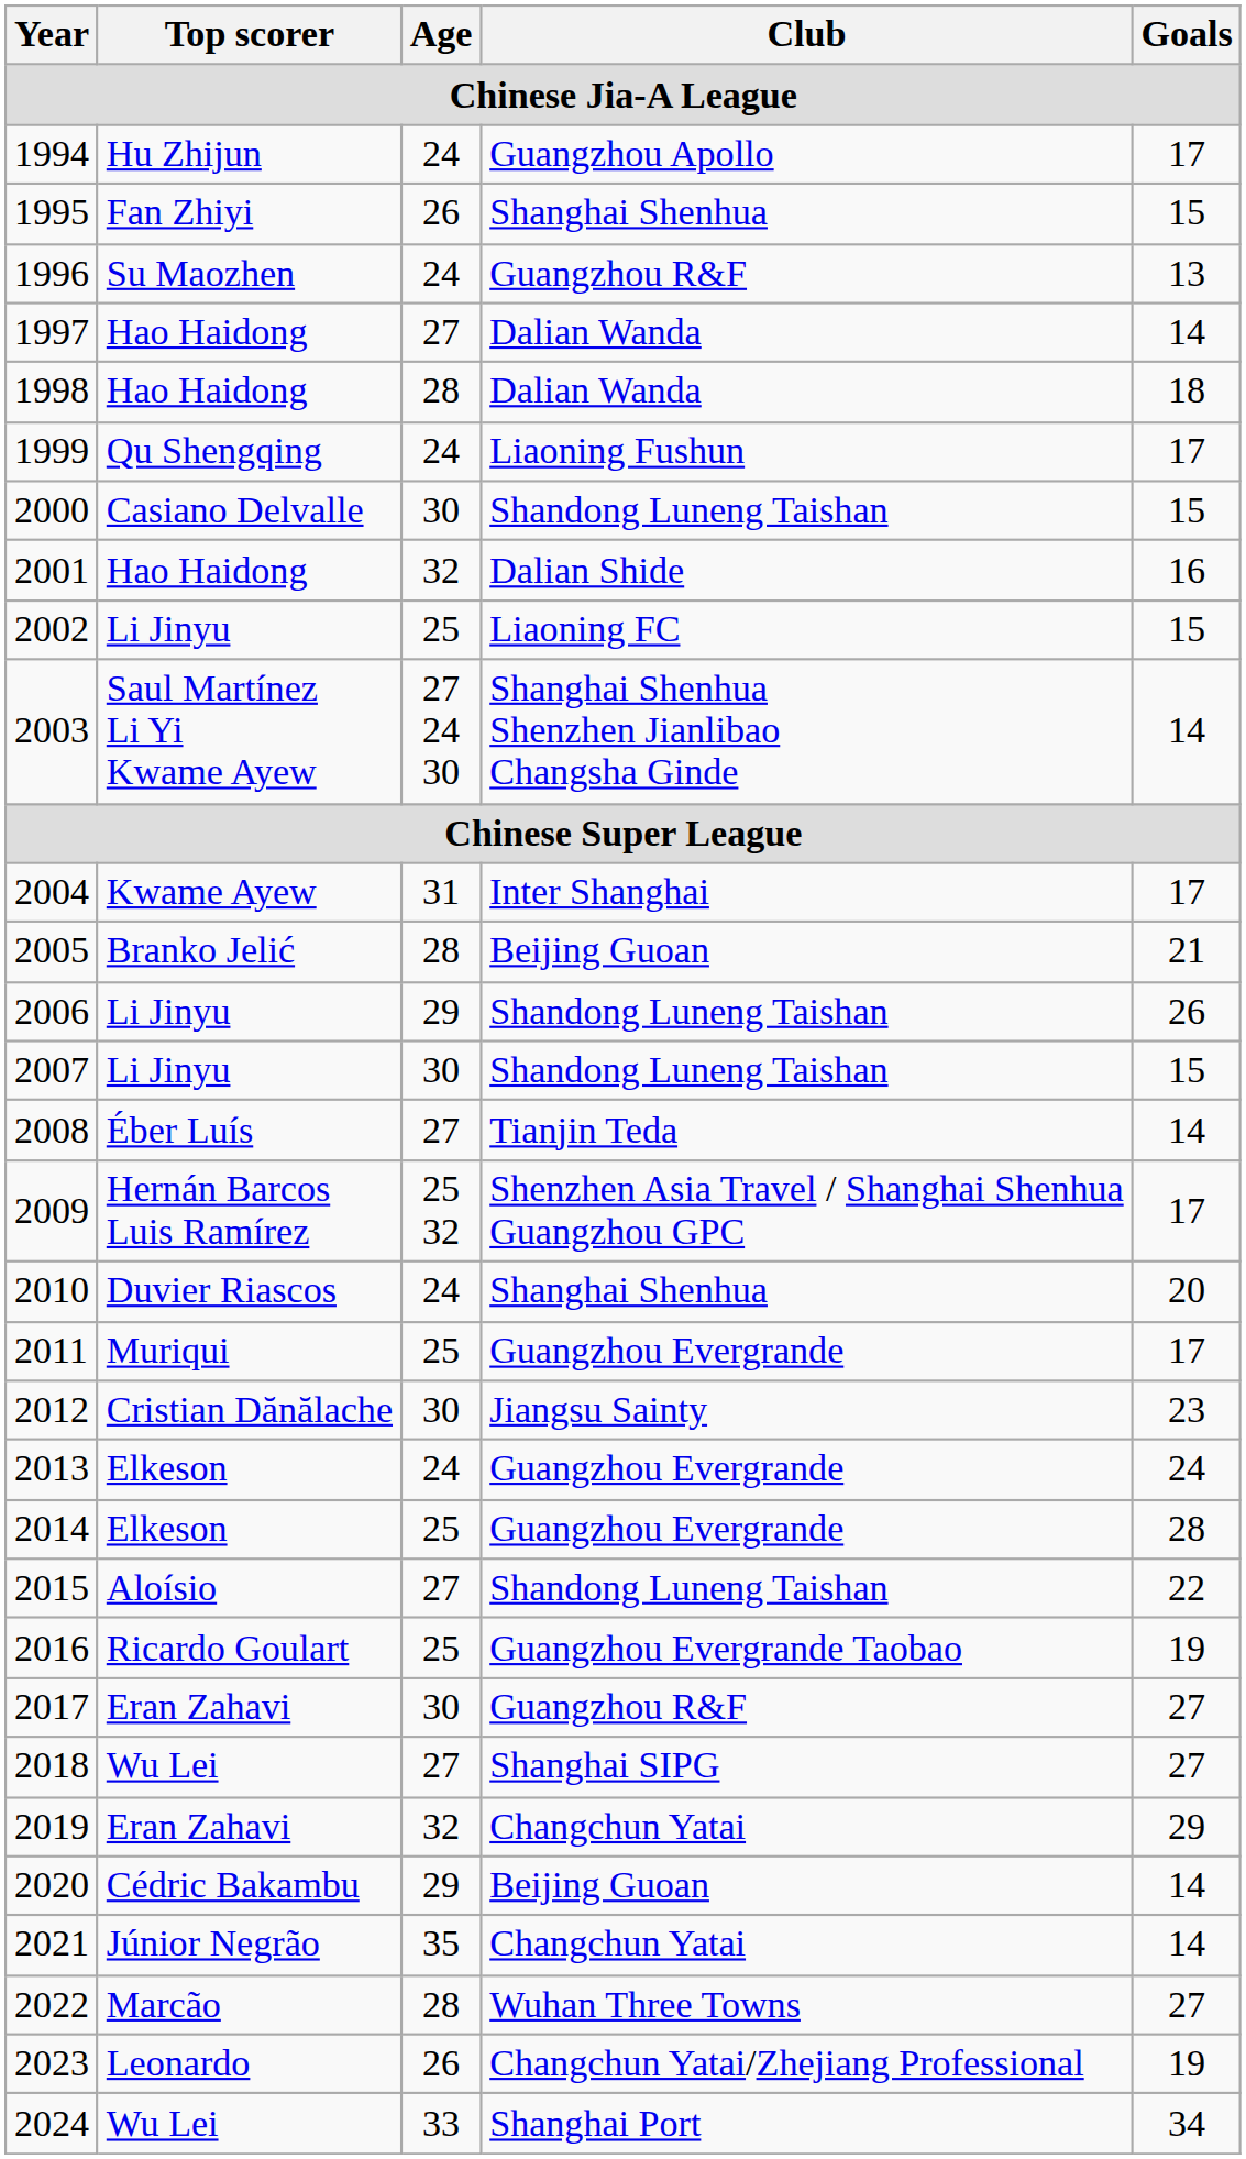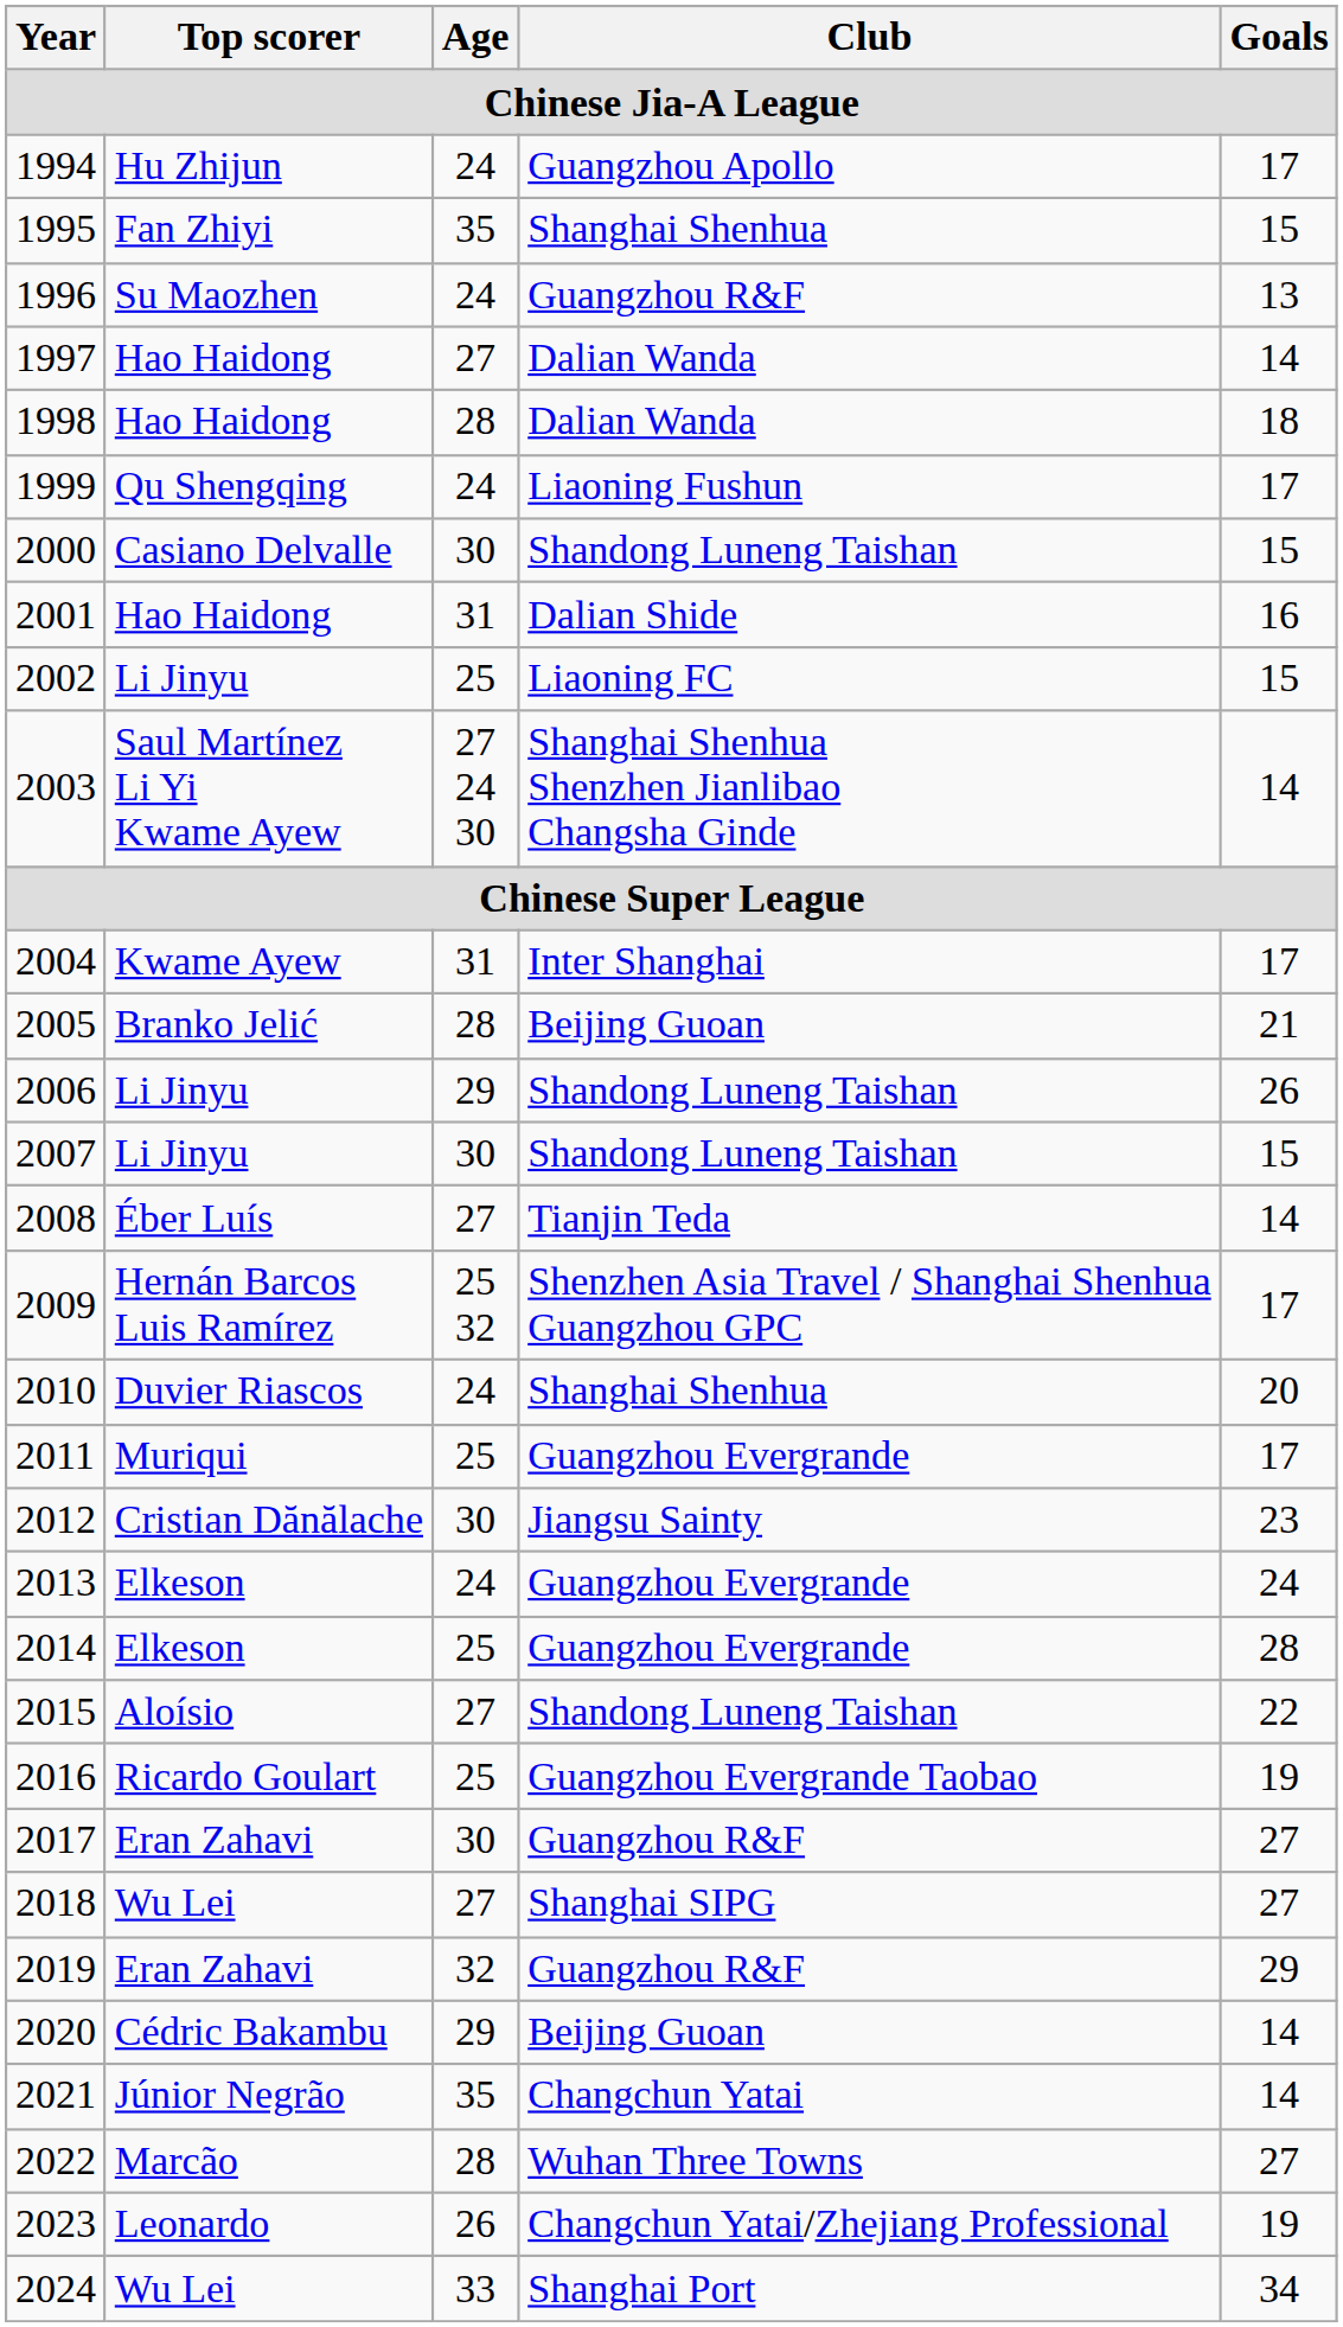 <table class="wikitable" style="text-align:left;">
 <tr>
 <th>Year</th>
 <th>Top scorer</th>
 <th>Age</th>
 <th>Club</th>
 <th>Goals</th>
 </tr>
 <tr style="background:#ddd;">
 <td colspan="5" style="text-align:center"><strong>Chinese Jia-A League</strong></td>
 </tr>
 <tr>
 <td>1994</td>
 <td> <a href='#'>Hu Zhijun</a></td>
 <td align=center>24</td>
 <td><a href='#'>Guangzhou Apollo</a></td>
 <td align=center>17</td>
 </tr>
 <tr>
 <td>1995</td>
 <td> <a href='#'>Fan Zhiyi</a></td>
-<td align=center>26</td>
+<td align=center>35</td>
 <td><a href='#'>Shanghai Shenhua</a></td>
 <td align=center>15</td>
 </tr>
 <tr>
 <td>1996</td>
 <td> <a href='#'>Su Maozhen</a></td>
 <td align=center>24</td>
 <td><a href='#'>Guangzhou R&F</a></td>
 <td align=center>13</td>
 </tr>
 <tr>
 <td>1997</td>
 <td> <a href='#'>Hao Haidong</a></td>
 <td align=center>27</td>
 <td><a href='#'>Dalian Wanda</a></td>
 <td align=center>14</td>
 </tr>
 <tr>
 <td>1998</td>
 <td> <a href='#'>Hao Haidong</a></td>
 <td align=center>28</td>
 <td><a href='#'>Dalian Wanda</a></td>
 <td align=center>18</td>
 </tr>
 <tr>
 <td>1999</td>
 <td> <a href='#'>Qu Shengqing</a></td>
 <td align=center>24</td>
 <td><a href='#'>Liaoning Fushun</a></td>
 <td align=center>17</td>
 </tr>
 <tr>
 <td>2000</td>
 <td> <a href='#'>Casiano Delvalle</a></td>
 <td align=center>30</td>
 <td><a href='#'>Shandong Luneng Taishan</a></td>
 <td align=center>15</td>
 </tr>
 <tr>
 <td>2001</td>
 <td> <a href='#'>Hao Haidong</a></td>
-<td align=center>32</td>
+<td align=center>31</td>
 <td><a href='#'>Dalian Shide</a></td>
 <td align=center>16</td>
 </tr>
 <tr>
 <td>2002</td>
 <td> <a href='#'>Li Jinyu</a></td>
 <td align=center>25</td>
 <td><a href='#'>Liaoning FC</a></td>
 <td align=center>15</td>
 </tr>
 <tr>
 <td>2003</td>
 <td> <a href='#'>Saul Martínez</a> <br>  <a href='#'>Li Yi</a> <br>  <a href='#'>Kwame Ayew</a></td>
 <td align=center>27<br>24<br>30</td>
 <td><a href='#'>Shanghai Shenhua</a> <br> <a href='#'>Shenzhen Jianlibao</a> <br> <a href='#'>Changsha Ginde</a></td>
 <td align=center>14</td>
 </tr>
 <tr style="background:#ddd;">
 <td colspan="5" style="text-align:center"><strong>Chinese Super League</strong></td>
 </tr>
 <tr>
 <td>2004</td>
 <td> <a href='#'>Kwame Ayew</a></td>
 <td align=center>31</td>
 <td><a href='#'>Inter Shanghai</a></td>
 <td align=center>17</td>
 </tr>
 <tr>
 <td>2005</td>
 <td> <a href='#'>Branko Jelić</a></td>
 <td align=center>28</td>
 <td><a href='#'>Beijing Guoan</a></td>
 <td align=center>21</td>
 </tr>
 <tr>
 <td>2006</td>
 <td> <a href='#'>Li Jinyu</a></td>
 <td align=center>29</td>
 <td><a href='#'>Shandong Luneng Taishan</a></td>
 <td align=center>26</td>
 </tr>
 <tr>
 <td>2007</td>
 <td> <a href='#'>Li Jinyu</a></td>
 <td align=center>30</td>
 <td><a href='#'>Shandong Luneng Taishan</a></td>
 <td align=center>15</td>
 </tr>
 <tr>
 <td>2008</td>
 <td> <a href='#'>Éber Luís</a></td>
 <td align=center>27</td>
 <td><a href='#'>Tianjin Teda</a></td>
 <td align=center>14</td>
 </tr>
 <tr>
 <td>2009</td>
 <td> <a href='#'>Hernán Barcos</a> <br>  <a href='#'>Luis Ramírez</a></td>
 <td align=center>25<br>32</td>
 <td><a href='#'>Shenzhen Asia Travel</a> / <a href='#'>Shanghai Shenhua</a> <br> <a href='#'>Guangzhou GPC</a></td>
 <td align=center>17</td>
 </tr>
 <tr>
 <td>2010</td>
 <td> <a href='#'>Duvier Riascos</a></td>
 <td align=center>24</td>
 <td><a href='#'>Shanghai Shenhua</a></td>
 <td align=center>20</td>
 </tr>
 <tr>
 <td>2011</td>
 <td> <a href='#'>Muriqui</a></td>
 <td align=center>25</td>
 <td><a href='#'>Guangzhou Evergrande</a></td>
 <td align=center>17</td>
 </tr>
 <tr>
 <td>2012</td>
 <td> <a href='#'>Cristian Dănălache</a></td>
 <td align=center>30</td>
 <td><a href='#'>Jiangsu Sainty</a></td>
 <td align=center>23</td>
 </tr>
 <tr>
 <td>2013</td>
 <td> <a href='#'>Elkeson</a></td>
 <td align=center>24</td>
 <td><a href='#'>Guangzhou Evergrande</a></td>
 <td align=center>24</td>
 </tr>
 <tr>
 <td>2014</td>
 <td> <a href='#'>Elkeson</a></td>
 <td align=center>25</td>
 <td><a href='#'>Guangzhou Evergrande</a></td>
 <td align=center>28</td>
 </tr>
 <tr>
 <td>2015</td>
 <td> <a href='#'>Aloísio</a></td>
 <td align=center>27</td>
 <td><a href='#'>Shandong Luneng Taishan</a></td>
 <td align=center>22</td>
 </tr>
 <tr>
 <td>2016</td>
 <td> <a href='#'>Ricardo Goulart</a></td>
 <td align=center>25</td>
 <td><a href='#'>Guangzhou Evergrande Taobao</a></td>
 <td align=center>19</td>
 </tr>
 <tr>
 <td>2017</td>
 <td> <a href='#'>Eran Zahavi</a></td>
 <td align=center>30</td>
 <td><a href='#'>Guangzhou R&F</a></td>
 <td align=center>27</td>
 </tr>
 <tr>
 <td>2018</td>
 <td> <a href='#'>Wu Lei</a></td>
 <td align=center>27</td>
 <td><a href='#'>Shanghai SIPG</a></td>
 <td align=center>27</td>
 </tr>
 <tr>
 <td>2019</td>
 <td> <a href='#'>Eran Zahavi</a></td>
 <td align=center>32</td>
-<td><a href='#'>Changchun Yatai</a></td>
+<td><a href='#'>Guangzhou R&F</a></td>
 <td align=center>29</td>
 </tr>
 <tr>
 <td>2020</td>
 <td> <a href='#'>Cédric Bakambu</a></td>
 <td align=center>29</td>
 <td><a href='#'>Beijing Guoan</a></td>
 <td align=center>14</td>
 </tr>
 <tr>
 <td>2021</td>
 <td> <a href='#'>Júnior Negrão</a></td>
 <td align=center>35</td>
 <td><a href='#'>Changchun Yatai</a></td>
 <td align=center>14</td>
 </tr>
 <tr>
 <td>2022</td>
 <td> <a href='#'>Marcão</a></td>
 <td align=center>28</td>
 <td><a href='#'>Wuhan Three Towns</a></td>
 <td align=center>27</td>
 </tr>
 <tr>
 <td>2023</td>
 <td> <a href='#'>Leonardo</a></td>
 <td align=center>26</td>
 <td><a href='#'>Changchun Yatai</a>/<a href='#'>Zhejiang Professional</a></td>
 <td align=center>19</td>
 </tr>
 <tr>
 <td>2024</td>
 <td> <a href='#'>Wu Lei</a></td>
 <td align=center>33</td>
 <td><a href='#'>Shanghai Port</a></td>
 <td align=center>34</td>
 </tr>
 </table>
